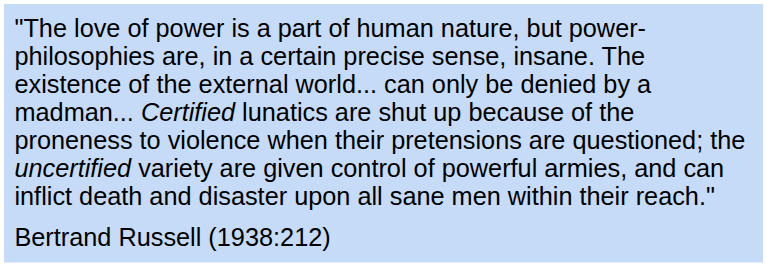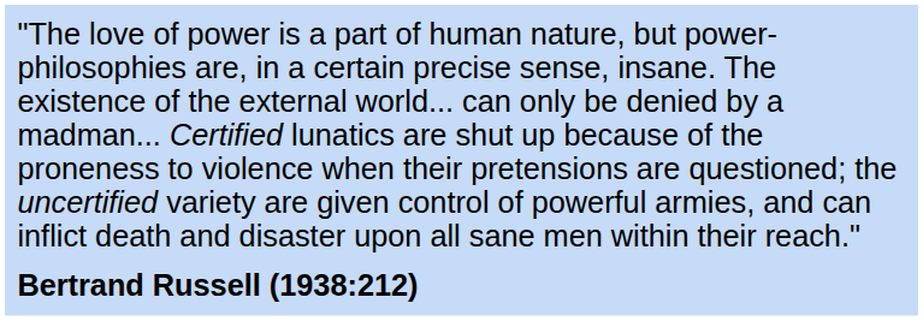 <table class="toccolours" style="float: left; margin-left: 1em; margin-right: 2em; font-size: 85%; background:#c6dbf7; color:black; width:30em; max-width: 40%;" cellspacing="5">
 <tr>
 <td style="text-align: left;">"The love of power is a part of human nature, but power-philosophies are, in a certain precise sense, insane. The existence of the external world... can only be denied by a madman... <em>Certified</em> lunatics are shut up because of the proneness to violence when their pretensions are questioned; the <em>uncertified</em> variety are given control of powerful armies, and can inflict death and disaster upon all sane men within their reach."</td>
 </tr>
 <tr>
-<td style="text-align: left;">Bertrand Russell (1938:212)</td>
+<td style="text-align: left;"><strong>Bertrand Russell (1938:212)</strong></td>
 </tr>
 </table>
